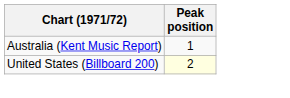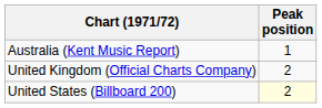 <table class="wikitable">
 <tr>
 <th scope="col">Chart (1971/72)</th>
 <th>Peak<br>position</th>
 </tr>
 <tr>
 <td>Australia (<a href='#'>Kent Music Report</a>)</td>
 <td style="text-align:center;">1</td>
 </tr>
 <tr>
+<td>United Kingdom (<a href='#'>Official Charts Company</a>)</td>
+<td style="text-align:center;">2</td>
+</tr>
+<tr>
 <td>United States (<a href='#'>Billboard 200</a>)</td>
 <td style="background: lightyellow; text-align:center;">2</td>
 </tr>
 </table>
